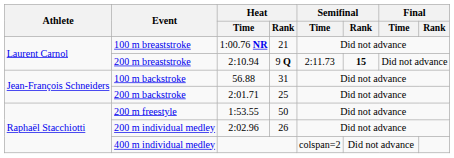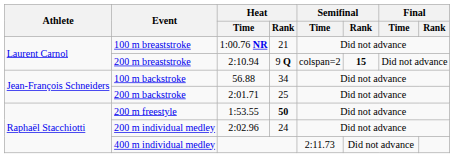 <table class=wikitable style="font-size:90%">
 <tr>
 <th rowspan="2">Athlete</th>
 <th rowspan="2">Event</th>
 <th colspan="2">Heat</th>
 <th colspan="2">Semifinal</th>
 <th colspan="2">Final</th>
 </tr>
 <tr style="font-size:95%">
 <th>Time</th>
 <th>Rank</th>
 <th>Time</th>
 <th>Rank</th>
 <th>Time</th>
 <th>Rank</th>
 </tr>
 <tr align=center>
 <td align=left rowspan=2><a href='#'>Laurent Carnol</a></td>
 <td align=left><a href='#'>100 m breaststroke</a></td>
 <td>1:00.76 <strong><a href='#'>NR</a></strong></td>
 <td>21</td>
 <td colspan=4>Did not advance</td>
 </tr>
 <tr align=center>
 <td align=left><a href='#'>200 m breaststroke</a></td>
 <td>2:10.94</td>
 <td>9 <strong>Q</strong></td>
-<td>2:11.73</td>
+<td>colspan=2 </td>
 <td><strong>15</strong></td>
 <td colspan=2>Did not advance</td>
 </tr>
 <tr align=center>
 <td align=left rowspan=2><a href='#'>Jean-François Schneiders</a></td>
 <td align=left><a href='#'>100 m backstroke</a></td>
 <td>56.88</td>
-<td>31</td>
+<td>34</td>
 <td colspan=4>Did not advance</td>
 </tr>
 <tr align=center>
 <td align=left><a href='#'>200 m backstroke</a></td>
 <td>2:01.71</td>
 <td>25</td>
 <td colspan=4>Did not advance</td>
 </tr>
 <tr align=center>
 <td align=left rowspan=3><a href='#'>Raphaël Stacchiotti</a></td>
 <td align=left><a href='#'>200 m freestyle</a></td>
 <td>1:53.55</td>
-<td>50</td>
+<td><strong>50</strong></td>
 <td colspan=4>Did not advance</td>
 </tr>
 <tr align=center>
 <td align=left><a href='#'>200 m individual medley</a></td>
 <td>2:02.96</td>
-<td>26</td>
+<td>24</td>
 <td colspan=4>Did not advance</td>
 </tr>
 <tr align=center>
 <td align=left><a href='#'>400 m individual medley</a></td>
 <td colspan=2></td>
-<td>colspan=2 </td>
+<td>2:11.73</td>
 <td colspan=2>Did not advance</td>
 </tr>
 </table>
